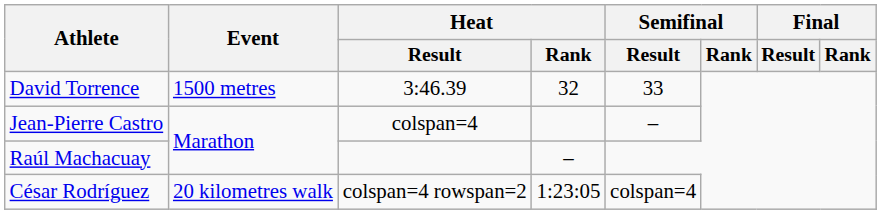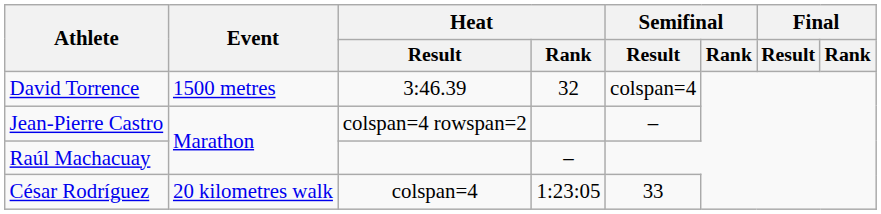 <table class=wikitable style=font-size:90%>
 <tr>
 <th rowspan=2>Athlete</th>
 <th rowspan=2>Event</th>
 <th colspan=2>Heat</th>
 <th colspan=2>Semifinal</th>
 <th colspan=2>Final</th>
 </tr>
 <tr style=font-size:95%>
 <th>Result</th>
 <th>Rank</th>
 <th>Result</th>
 <th>Rank</th>
 <th>Result</th>
 <th>Rank</th>
 </tr>
 <tr align=center>
 <td align=left><a href='#'>David Torrence</a></td>
 <td align=left><a href='#'>1500 metres</a></td>
 <td>3:46.39</td>
 <td>32</td>
-<td>33</td>
+<td>colspan=4 </td>
 </tr>
 <tr align=center>
 <td align=left><a href='#'>Jean-Pierre Castro</a></td>
 <td align=left rowspan=2><a href='#'>Marathon</a></td>
-<td>colspan=4 </td>
+<td>colspan=4 rowspan=2 </td>
 <td></td>
 <td>–</td>
 </tr>
 <tr align=center>
 <td align=left><a href='#'>Raúl Machacuay</a></td>
 <td></td>
 <td>–</td>
 </tr>
 <tr align=center>
 <td align=left><a href='#'>César Rodríguez</a></td>
 <td align=left><a href='#'>20 kilometres walk</a></td>
-<td>colspan=4 rowspan=2 </td>
+<td>colspan=4 </td>
 <td>1:23:05 <strong></strong></td>
-<td>colspan=4 </td>
+<td>33</td>
 </tr>
 </table>
